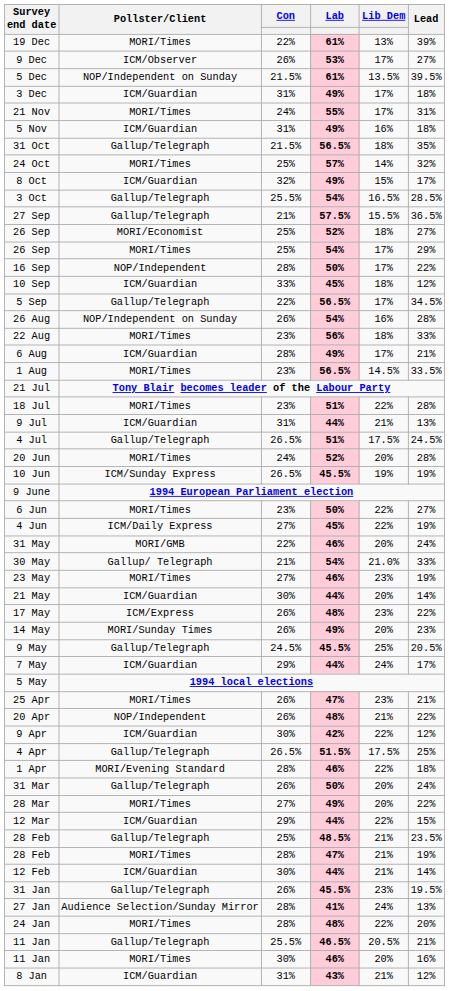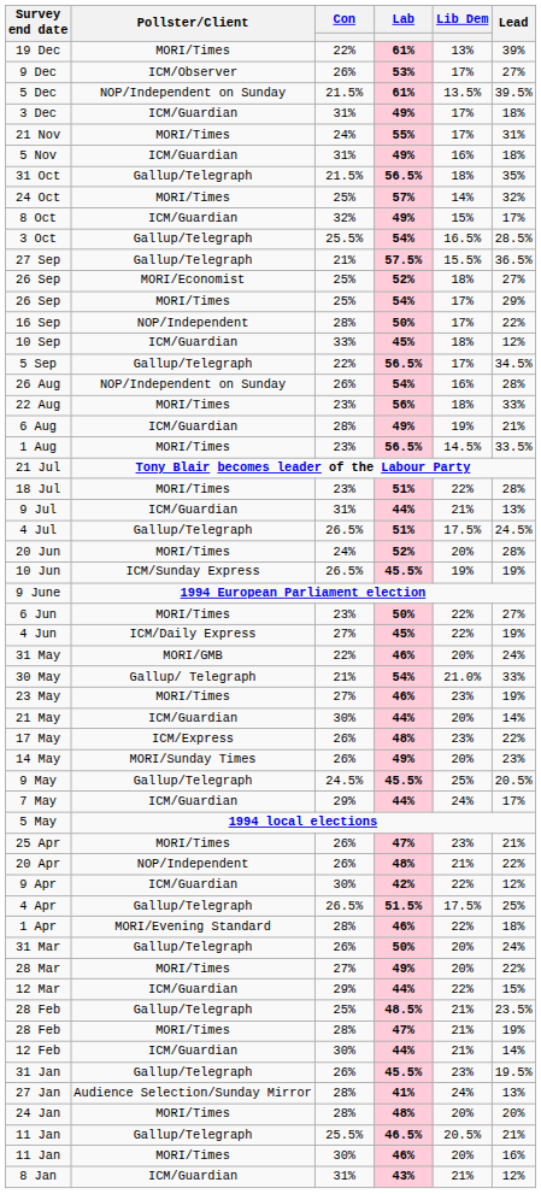 <table class="wikitable sortable mw-datatable" style="text-align:center;font-size:90%;line-height:14px;">
 <tr>
 <th rowspan="2">Survey<br>end date</th>
 <th rowspan="2">Pollster/Client</th>
 <th class="unsortable" style="width:50px;"><a href='#'>Con</a></th>
 <th class="unsortable" style="width:50px;"><a href='#'>Lab</a></th>
 <th class="unsortable" style="width:50px;"><a href='#'>Lib Dem</a></th>
 <th rowspan="2">Lead</th>
 </tr>
 <tr>
 <th style="background:"></th>
 <th style="background:"></th>
 <th style="background:"></th>
 </tr>
 <tr>
 <td>19 Dec</td>
 <td>MORI/Times</td>
 <td>22%</td>
 <td style="background:#FFCCDA;"><strong>61%</strong></td>
 <td>13%</td>
 <td style="background:">39%</td>
 </tr>
 <tr>
 <td>9 Dec</td>
 <td>ICM/Observer</td>
 <td>26%</td>
 <td style="background:#FFCCDA;"><strong>53%</strong></td>
 <td>17%</td>
 <td style="background:">27%</td>
 </tr>
 <tr>
 <td>5 Dec</td>
 <td>NOP/Independent on Sunday</td>
 <td>21.5%</td>
 <td style="background:#FFCCDA;"><strong>61%</strong></td>
 <td>13.5%</td>
 <td style="background:">39.5%</td>
 </tr>
 <tr>
 <td>3 Dec</td>
 <td>ICM/Guardian</td>
 <td>31%</td>
 <td style="background:#FFCCDA;"><strong>49%</strong></td>
 <td>17%</td>
 <td style="background:">18%</td>
 </tr>
 <tr>
 <td>21 Nov</td>
 <td>MORI/Times</td>
 <td>24%</td>
 <td style="background:#FFCCDA;"><strong>55%</strong></td>
 <td>17%</td>
 <td style="background:">31%</td>
 </tr>
 <tr>
 <td>5 Nov</td>
 <td>ICM/Guardian</td>
 <td>31%</td>
 <td style="background:#FFCCDA;"><strong>49%</strong></td>
 <td>16%</td>
 <td style="background:">18%</td>
 </tr>
 <tr>
 <td>31 Oct</td>
 <td>Gallup/Telegraph</td>
 <td>21.5%</td>
 <td style="background:#FFCCDA;"><strong>56.5%</strong></td>
 <td>18%</td>
 <td style="background:">35%</td>
 </tr>
 <tr>
 <td>24 Oct</td>
 <td>MORI/Times</td>
 <td>25%</td>
 <td style="background:#FFCCDA;"><strong>57%</strong></td>
 <td>14%</td>
 <td style="background:">32%</td>
 </tr>
 <tr>
 <td>8 Oct</td>
 <td>ICM/Guardian</td>
 <td>32%</td>
 <td style="background:#FFCCDA;"><strong>49%</strong></td>
 <td>15%</td>
 <td style="background:">17%</td>
 </tr>
 <tr>
 <td>3 Oct</td>
 <td>Gallup/Telegraph</td>
 <td>25.5%</td>
 <td style="background:#FFCCDA;"><strong>54%</strong></td>
 <td>16.5%</td>
 <td style="background:">28.5%</td>
 </tr>
 <tr>
 <td>27 Sep</td>
 <td>Gallup/Telegraph</td>
 <td>21%</td>
 <td style="background:#FFCCDA;"><strong>57.5%</strong></td>
 <td>15.5%</td>
 <td style="background:">36.5%</td>
 </tr>
 <tr>
 <td>26 Sep</td>
 <td>MORI/Economist</td>
 <td>25%</td>
 <td style="background:#FFCCDA;"><strong>52%</strong></td>
 <td>18%</td>
 <td style="background:">27%</td>
 </tr>
 <tr>
 <td>26 Sep</td>
 <td>MORI/Times</td>
 <td>25%</td>
 <td style="background:#FFCCDA;"><strong>54%</strong></td>
 <td>17%</td>
 <td style="background:">29%</td>
 </tr>
 <tr>
 <td>16 Sep</td>
 <td>NOP/Independent</td>
 <td>28%</td>
 <td style="background:#FFCCDA;"><strong>50%</strong></td>
 <td>17%</td>
 <td style="background:">22%</td>
 </tr>
 <tr>
 <td>10 Sep</td>
 <td>ICM/Guardian</td>
 <td>33%</td>
 <td style="background:#FFCCDA;"><strong>45%</strong></td>
 <td>18%</td>
 <td style="background:">12%</td>
 </tr>
 <tr>
 <td>5 Sep</td>
 <td>Gallup/Telegraph</td>
 <td>22%</td>
 <td style="background:#FFCCDA;"><strong>56.5%</strong></td>
 <td>17%</td>
 <td style="background:">34.5%</td>
 </tr>
 <tr>
 <td>26 Aug</td>
 <td>NOP/Independent on Sunday</td>
 <td>26%</td>
 <td style="background:#FFCCDA;"><strong>54%</strong></td>
 <td>16%</td>
 <td style="background:">28%</td>
 </tr>
 <tr>
 <td>22 Aug</td>
 <td>MORI/Times</td>
 <td>23%</td>
 <td style="background:#FFCCDA;"><strong>56%</strong></td>
 <td>18%</td>
 <td style="background:">33%</td>
 </tr>
 <tr>
 <td>6 Aug</td>
 <td>ICM/Guardian</td>
 <td>28%</td>
 <td style="background:#FFCCDA;"><strong>49%</strong></td>
-<td>17%</td>
+<td>19%</td>
 <td style="background:">21%</td>
 </tr>
 <tr>
 <td>1 Aug</td>
 <td>MORI/Times</td>
 <td>23%</td>
 <td style="background:#FFCCDA;"><strong>56.5%</strong></td>
 <td>14.5%</td>
 <td style="background:">33.5%</td>
 </tr>
 <tr>
 <td>21 Jul</td>
 <td colspan="5"><strong><a href='#'>Tony Blair</a> <a href='#'>becomes leader</a> of the <a href='#'>Labour Party</a></strong></td>
 </tr>
 <tr>
 <td>18 Jul</td>
 <td>MORI/Times</td>
 <td>23%</td>
 <td style="background:#FFCCDA;"><strong>51%</strong></td>
 <td>22%</td>
 <td style="background:">28%</td>
 </tr>
 <tr>
 <td>9 Jul</td>
 <td>ICM/Guardian</td>
 <td>31%</td>
 <td style="background:#FFCCDA;"><strong>44%</strong></td>
 <td>21%</td>
 <td style="background:">13%</td>
 </tr>
 <tr>
 <td>4 Jul</td>
 <td>Gallup/Telegraph</td>
 <td>26.5%</td>
 <td style="background:#FFCCDA;"><strong>51%</strong></td>
 <td>17.5%</td>
 <td style="background:">24.5%</td>
 </tr>
 <tr>
 <td>20 Jun</td>
 <td>MORI/Times</td>
 <td>24%</td>
 <td style="background:#FFCCDA;"><strong>52%</strong></td>
 <td>20%</td>
 <td style="background:">28%</td>
 </tr>
 <tr>
 <td>10 Jun</td>
 <td>ICM/Sunday Express</td>
 <td>26.5%</td>
 <td style="background:#FFCCDA;"><strong>45.5%</strong></td>
 <td>19%</td>
 <td style="background:">19%</td>
 </tr>
 <tr>
 <td>9 June</td>
 <td colspan="5"><a href='#'><strong>1994 European Parliament election</strong></a></td>
 </tr>
 <tr>
 <td>6 Jun</td>
 <td>MORI/Times</td>
 <td>23%</td>
 <td style="background:#FFCCDA;"><strong>50%</strong></td>
 <td>22%</td>
 <td style="background:">27%</td>
 </tr>
 <tr>
 <td>4 Jun</td>
 <td>ICM/Daily Express</td>
 <td>27%</td>
 <td style="background:#FFCCDA;"><strong>45%</strong></td>
 <td>22%</td>
 <td style="background:">19%</td>
 </tr>
 <tr>
 <td>31 May</td>
 <td>MORI/GMB</td>
 <td>22%</td>
 <td style="background:#FFCCDA;"><strong>46%</strong></td>
 <td>20%</td>
 <td style="background:">24%</td>
 </tr>
 <tr>
 <td>30 May</td>
 <td>Gallup/ Telegraph</td>
 <td>21%</td>
 <td style="background:#FFCCDA;"><strong>54%</strong></td>
 <td>21.0%</td>
 <td style="background:">33%</td>
 </tr>
 <tr>
 <td>23 May</td>
 <td>MORI/Times</td>
 <td>27%</td>
 <td style="background:#FFCCDA;"><strong>46%</strong></td>
 <td>23%</td>
 <td style="background:">19%</td>
 </tr>
 <tr>
 <td>21 May</td>
 <td>ICM/Guardian</td>
 <td>30%</td>
 <td style="background:#FFCCDA;"><strong>44%</strong></td>
 <td>20%</td>
 <td style="background:">14%</td>
 </tr>
 <tr>
 <td>17 May</td>
 <td>ICM/Express</td>
 <td>26%</td>
 <td style="background:#FFCCDA;"><strong>48%</strong></td>
 <td>23%</td>
 <td style="background:">22%</td>
 </tr>
 <tr>
 <td>14 May</td>
 <td>MORI/Sunday Times</td>
 <td>26%</td>
 <td style="background:#FFCCDA;"><strong>49%</strong></td>
 <td>20%</td>
 <td style="background:">23%</td>
 </tr>
 <tr>
 <td>9 May</td>
 <td>Gallup/Telegraph</td>
 <td>24.5%</td>
 <td style="background:#FFCCDA;"><strong>45.5%</strong></td>
 <td>25%</td>
 <td style="background:">20.5%</td>
 </tr>
 <tr>
 <td>7 May</td>
 <td>ICM/Guardian</td>
 <td>29%</td>
 <td style="background:#FFCCDA;"><strong>44%</strong></td>
 <td>24%</td>
 <td style="background:">17%</td>
 </tr>
 <tr>
 <td>5 May</td>
 <td colspan="5"><a href='#'><strong>1994 local elections</strong></a></td>
 </tr>
 <tr>
 <td>25 Apr</td>
 <td>MORI/Times</td>
 <td>26%</td>
 <td style="background:#FFCCDA;"><strong>47%</strong></td>
 <td>23%</td>
 <td style="background:">21%</td>
 </tr>
 <tr>
 <td>20 Apr</td>
 <td>NOP/Independent</td>
 <td>26%</td>
 <td style="background:#FFCCDA;"><strong>48%</strong></td>
 <td>21%</td>
 <td style="background:">22%</td>
 </tr>
 <tr>
 <td>9 Apr</td>
 <td>ICM/Guardian</td>
 <td>30%</td>
 <td style="background:#FFCCDA;"><strong>42%</strong></td>
 <td>22%</td>
 <td style="background:">12%</td>
 </tr>
 <tr>
 <td>4 Apr</td>
 <td>Gallup/Telegraph</td>
 <td>26.5%</td>
 <td style="background:#FFCCDA;"><strong>51.5%</strong></td>
 <td>17.5%</td>
 <td style="background:">25%</td>
 </tr>
 <tr>
 <td>1 Apr</td>
 <td>MORI/Evening Standard</td>
 <td>28%</td>
 <td style="background:#FFCCDA;"><strong>46%</strong></td>
 <td>22%</td>
 <td style="background:">18%</td>
 </tr>
 <tr>
 <td>31 Mar</td>
 <td>Gallup/Telegraph</td>
 <td>26%</td>
 <td style="background:#FFCCDA;"><strong>50%</strong></td>
 <td>20%</td>
 <td style="background:">24%</td>
 </tr>
 <tr>
 <td>28 Mar</td>
 <td>MORI/Times</td>
 <td>27%</td>
 <td style="background:#FFCCDA;"><strong>49%</strong></td>
 <td>20%</td>
 <td style="background:">22%</td>
 </tr>
 <tr>
 <td>12 Mar</td>
 <td>ICM/Guardian</td>
 <td>29%</td>
 <td style="background:#FFCCDA;"><strong>44%</strong></td>
 <td>22%</td>
 <td style="background:">15%</td>
 </tr>
 <tr>
 <td>28 Feb</td>
 <td>Gallup/Telegraph</td>
 <td>25%</td>
 <td style="background:#FFCCDA;"><strong>48.5%</strong></td>
 <td>21%</td>
 <td style="background:">23.5%</td>
 </tr>
 <tr>
 <td>28 Feb</td>
 <td>MORI/Times</td>
 <td>28%</td>
 <td style="background:#FFCCDA;"><strong>47%</strong></td>
 <td>21%</td>
 <td style="background:">19%</td>
 </tr>
 <tr>
 <td>12 Feb</td>
 <td>ICM/Guardian</td>
 <td>30%</td>
 <td style="background:#FFCCDA;"><strong>44%</strong></td>
 <td>21%</td>
 <td style="background:">14%</td>
 </tr>
 <tr>
 <td>31 Jan</td>
 <td>Gallup/Telegraph</td>
 <td>26%</td>
 <td style="background:#FFCCDA;"><strong>45.5%</strong></td>
 <td>23%</td>
 <td style="background:">19.5%</td>
 </tr>
 <tr>
 <td>27 Jan</td>
 <td>Audience Selection/Sunday Mirror</td>
 <td>28%</td>
 <td style="background:#FFCCDA;"><strong>41%</strong></td>
 <td>24%</td>
 <td style="background:">13%</td>
 </tr>
 <tr>
 <td>24 Jan</td>
 <td>MORI/Times</td>
 <td>28%</td>
 <td style="background:#FFCCDA;"><strong>48%</strong></td>
-<td>22%</td>
+<td>20%</td>
 <td style="background:">20%</td>
 </tr>
 <tr>
 <td>11 Jan</td>
 <td>Gallup/Telegraph</td>
 <td>25.5%</td>
 <td style="background:#FFCCDA;"><strong>46.5%</strong></td>
 <td>20.5%</td>
 <td style="background:">21%</td>
 </tr>
 <tr>
 <td>11 Jan</td>
 <td>MORI/Times</td>
 <td>30%</td>
 <td style="background:#FFCCDA;"><strong>46%</strong></td>
 <td>20%</td>
 <td style="background:">16%</td>
 </tr>
 <tr>
 <td>8 Jan</td>
 <td>ICM/Guardian</td>
 <td>31%</td>
 <td style="background:#FFCCDA;"><strong>43%</strong></td>
 <td>21%</td>
 <td style="background:">12%</td>
 </tr>
 </table>
